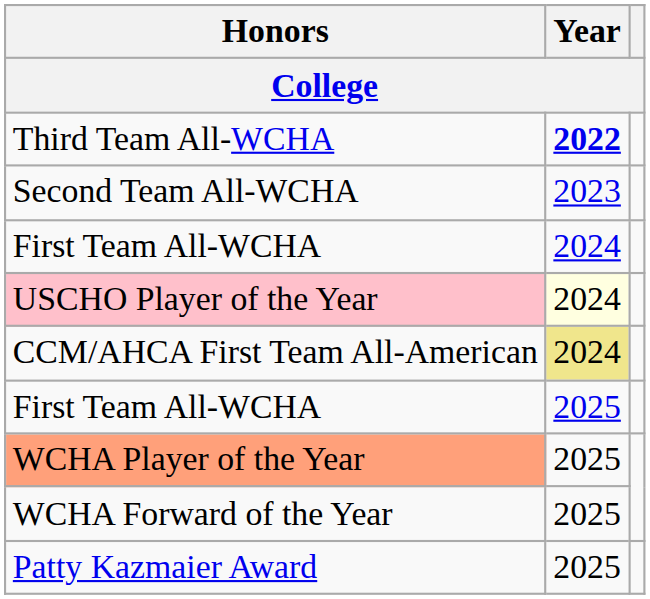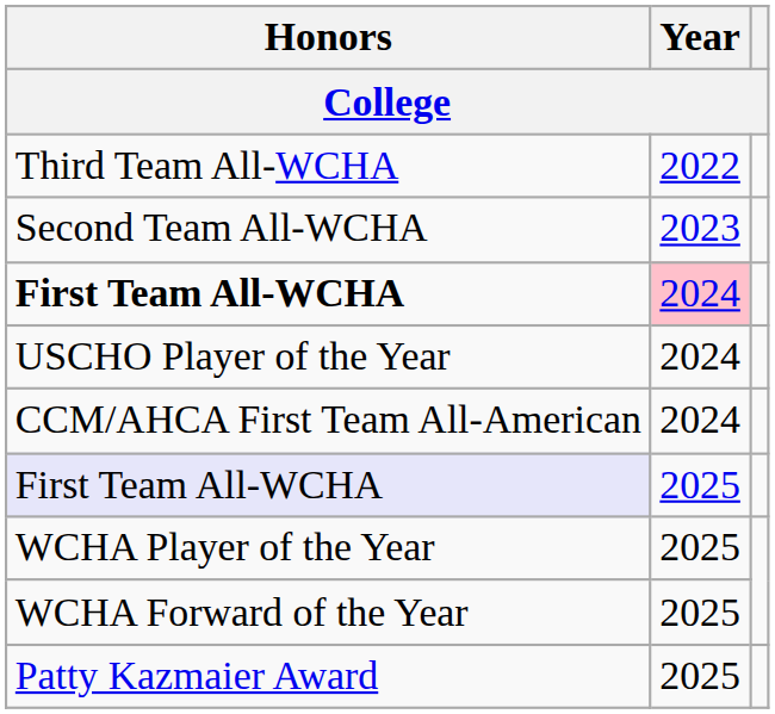 <table class="wikitable">
 <tr>
 <th>Honors</th>
 <th>Year</th>
 <th></th>
 </tr>
 <tr>
 <th colspan="3"><a href='#'>College</a></th>
 </tr>
 <tr>
 <td>Third Team All-<a href='#'>WCHA</a></td>
-<td><strong><a href='#'>2022</a></strong></td>
+<td><a href='#'>2022</a></td>
 <td></td>
 </tr>
 <tr>
 <td>Second Team All-WCHA</td>
 <td><a href='#'>2023</a></td>
 <td></td>
 </tr>
 <tr>
-<td>First Team All-WCHA</td>
-<td><a href='#'>2024</a></td>
+<td><strong>First Team All-WCHA</strong></td>
+<td style="background: pink;"><a href='#'>2024</a></td>
 <td></td>
 </tr>
 <tr>
-<td style="background: pink;">USCHO Player of the Year</td>
-<td style="background: lightyellow;">2024</td>
+<td>USCHO Player of the Year</td>
+<td>2024</td>
 <td></td>
 </tr>
 <tr>
 <td>CCM/AHCA First Team All-American</td>
-<td style="background: khaki;">2024</td>
+<td>2024</td>
 <td></td>
 </tr>
 <tr>
-<td>First Team All-WCHA</td>
+<td style="background: lavender;">First Team All-WCHA</td>
 <td><a href='#'>2025</a></td>
 <td></td>
 </tr>
 <tr>
-<td style="background: lightsalmon;">WCHA Player of the Year</td>
+<td>WCHA Player of the Year</td>
 <td>2025</td>
 <td rowspan="2"></td>
 </tr>
 <tr>
 <td>WCHA Forward of the Year</td>
 <td>2025</td>
 </tr>
 <tr>
 <td><a href='#'>Patty Kazmaier Award</a></td>
 <td>2025</td>
 <td></td>
 </tr>
 </table>
